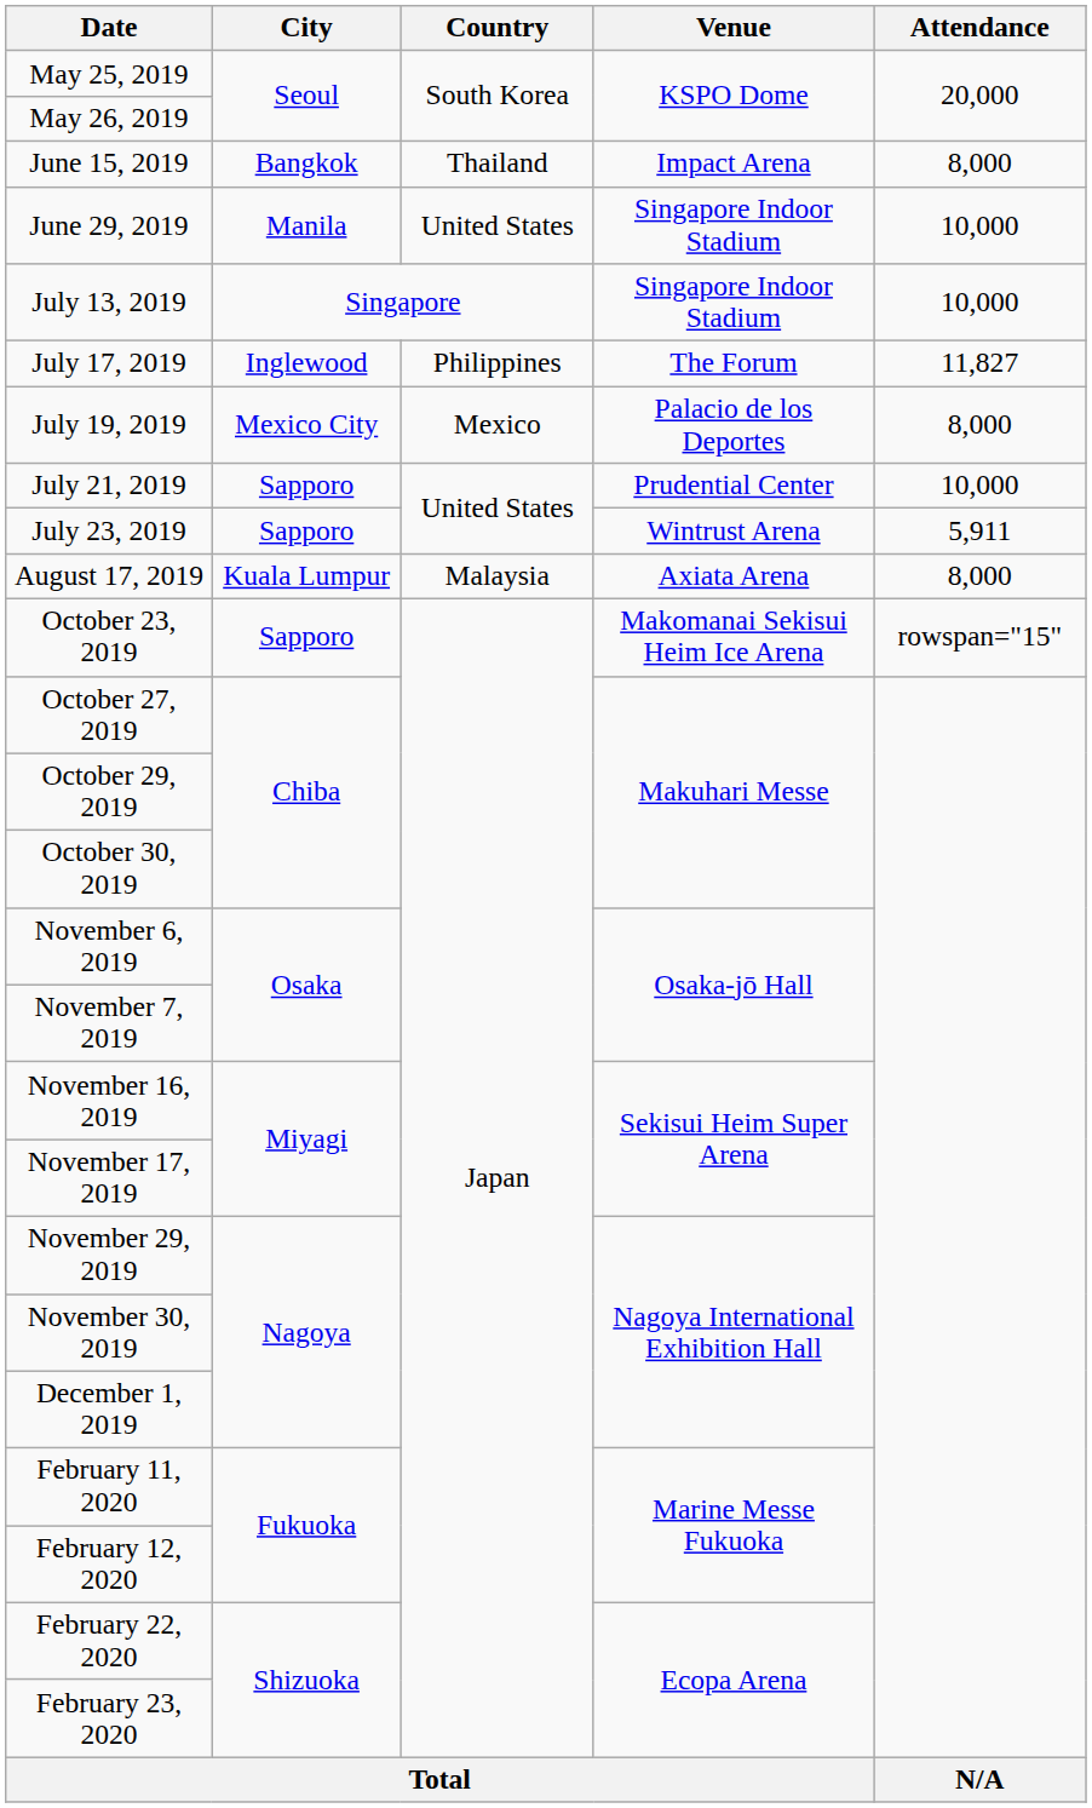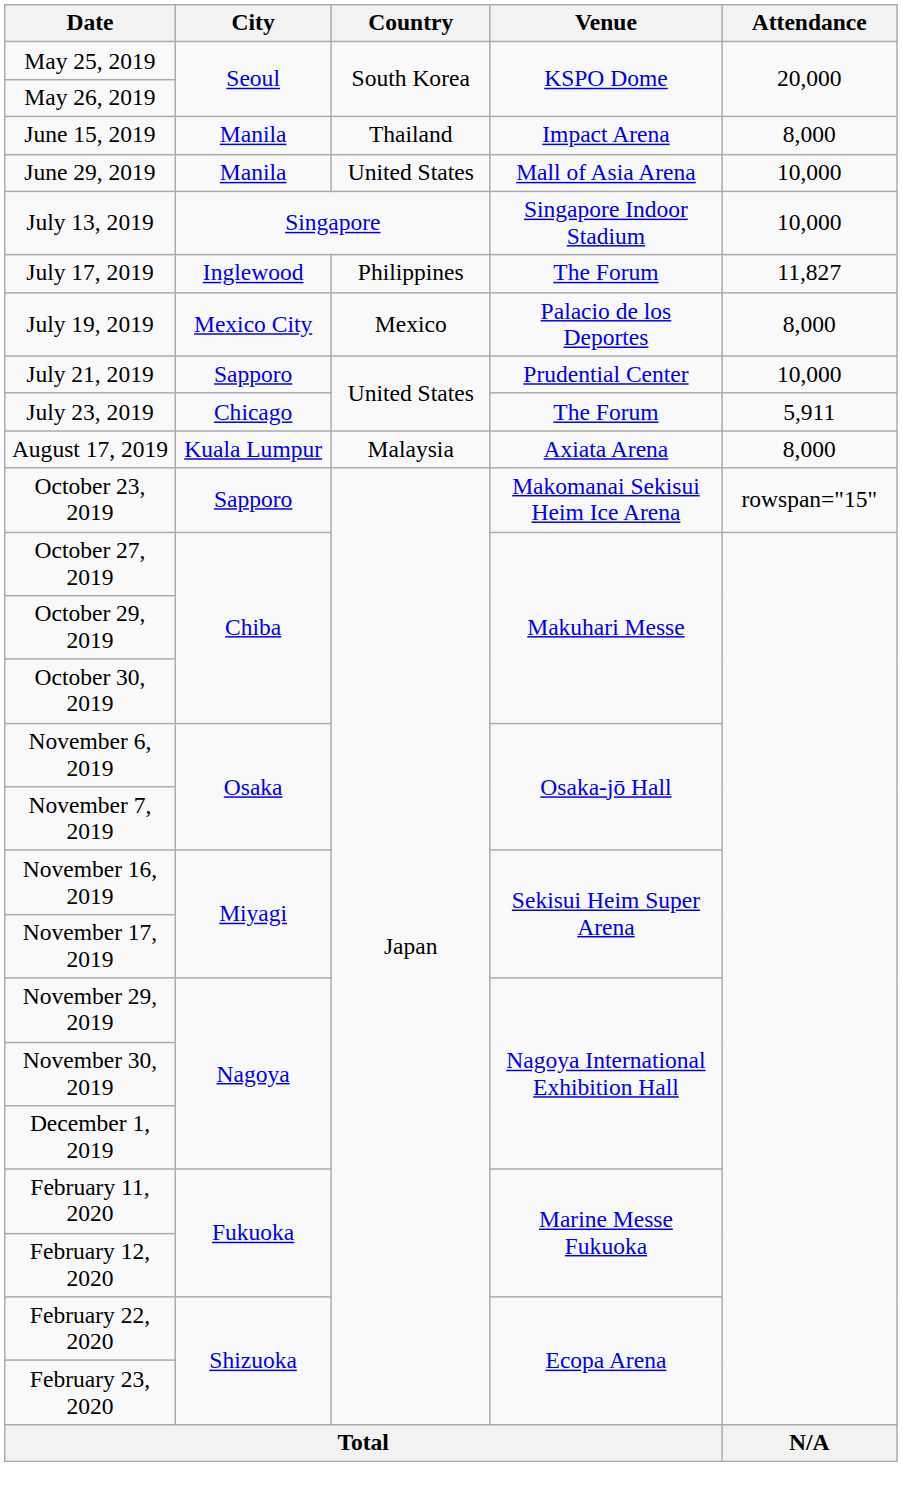 <table class="wikitable" style="text-align:center;">
 <tr>
 <th scope="col" style="width:12em;">Date</th>
 <th scope="col" style="width:10em;">City</th>
 <th scope="col" style="width:10em;">Country</th>
 <th scope="col" style="width:18em;">Venue</th>
 <th scope="col" style="width:9.5em;">Attendance</th>
 </tr>
 <tr>
 <td>May 25, 2019</td>
 <td rowspan="2"><a href='#'>Seoul</a></td>
 <td rowspan="2">South Korea</td>
 <td rowspan="2"><a href='#'>KSPO Dome</a></td>
 <td rowspan="2">20,000</td>
 </tr>
 <tr>
 <td>May 26, 2019</td>
 </tr>
 <tr>
 <td>June 15, 2019</td>
-<td><a href='#'>Bangkok</a></td>
+<td><a href='#'>Manila</a></td>
 <td>Thailand</td>
 <td><a href='#'>Impact Arena</a></td>
 <td>8,000</td>
 </tr>
 <tr>
 <td>June 29, 2019</td>
 <td><a href='#'>Manila</a></td>
 <td>United States</td>
-<td><a href='#'>Singapore Indoor Stadium</a></td>
+<td><a href='#'>Mall of Asia Arena</a></td>
 <td>10,000</td>
 </tr>
 <tr>
 <td>July 13, 2019</td>
 <td colspan="2"><a href='#'>Singapore</a></td>
 <td><a href='#'>Singapore Indoor Stadium</a></td>
 <td>10,000</td>
 </tr>
 <tr>
 <td>July 17, 2019</td>
 <td><a href='#'>Inglewood</a></td>
 <td>Philippines</td>
 <td><a href='#'>The Forum</a></td>
 <td>11,827</td>
 </tr>
 <tr>
 <td>July 19, 2019</td>
 <td><a href='#'>Mexico City</a></td>
 <td>Mexico</td>
 <td><a href='#'>Palacio de los Deportes</a></td>
 <td>8,000</td>
 </tr>
 <tr>
 <td>July 21, 2019</td>
 <td><a href='#'>Sapporo</a></td>
 <td rowspan="2">United States</td>
 <td><a href='#'>Prudential Center</a></td>
 <td>10,000</td>
 </tr>
 <tr>
 <td>July 23, 2019</td>
-<td><a href='#'>Sapporo</a></td>
-<td><a href='#'>Wintrust Arena</a></td>
+<td><a href='#'>Chicago</a></td>
+<td><a href='#'>The Forum</a></td>
 <td>5,911</td>
 </tr>
 <tr>
 <td>August 17, 2019</td>
 <td><a href='#'>Kuala Lumpur</a></td>
 <td>Malaysia</td>
 <td><a href='#'>Axiata Arena</a></td>
 <td>8,000</td>
 </tr>
 <tr>
 <td>October 23, 2019</td>
 <td><a href='#'>Sapporo</a></td>
 <td rowspan="15">Japan</td>
 <td><a href='#'>Makomanai Sekisui Heim Ice Arena</a></td>
 <td>rowspan="15" </td>
 </tr>
 <tr>
 <td>October 27, 2019</td>
 <td rowspan="3"><a href='#'>Chiba</a></td>
 <td rowspan="3"><a href='#'>Makuhari Messe</a></td>
 </tr>
 <tr>
 <td>October 29, 2019</td>
 </tr>
 <tr>
 <td>October 30, 2019</td>
 </tr>
 <tr>
 <td>November 6, 2019</td>
 <td rowspan="2"><a href='#'>Osaka</a></td>
 <td rowspan="2"><a href='#'>Osaka-jō Hall</a></td>
 </tr>
 <tr>
 <td>November 7, 2019</td>
 </tr>
 <tr>
 <td>November 16, 2019</td>
 <td rowspan="2"><a href='#'>Miyagi</a></td>
 <td rowspan="2"><a href='#'>Sekisui Heim Super Arena</a></td>
 </tr>
 <tr>
 <td>November 17, 2019</td>
 </tr>
 <tr>
 <td>November 29, 2019</td>
 <td rowspan="3"><a href='#'>Nagoya</a></td>
 <td rowspan="3"><a href='#'>Nagoya International Exhibition Hall</a></td>
 </tr>
 <tr>
 <td>November 30, 2019</td>
 </tr>
 <tr>
 <td>December 1, 2019</td>
 </tr>
 <tr>
 <td>February 11, 2020</td>
 <td rowspan="2"><a href='#'>Fukuoka</a></td>
 <td rowspan="2"><a href='#'>Marine Messe Fukuoka</a></td>
 </tr>
 <tr>
 <td>February 12, 2020</td>
 </tr>
 <tr>
 <td>February 22, 2020</td>
 <td rowspan="2"><a href='#'>Shizuoka</a></td>
 <td rowspan="2"><a href='#'>Ecopa Arena</a></td>
 </tr>
 <tr>
 <td>February 23, 2020</td>
 </tr>
 <tr>
 <th colspan="4">Total</th>
 <th>N/A</th>
 </tr>
 </table>
